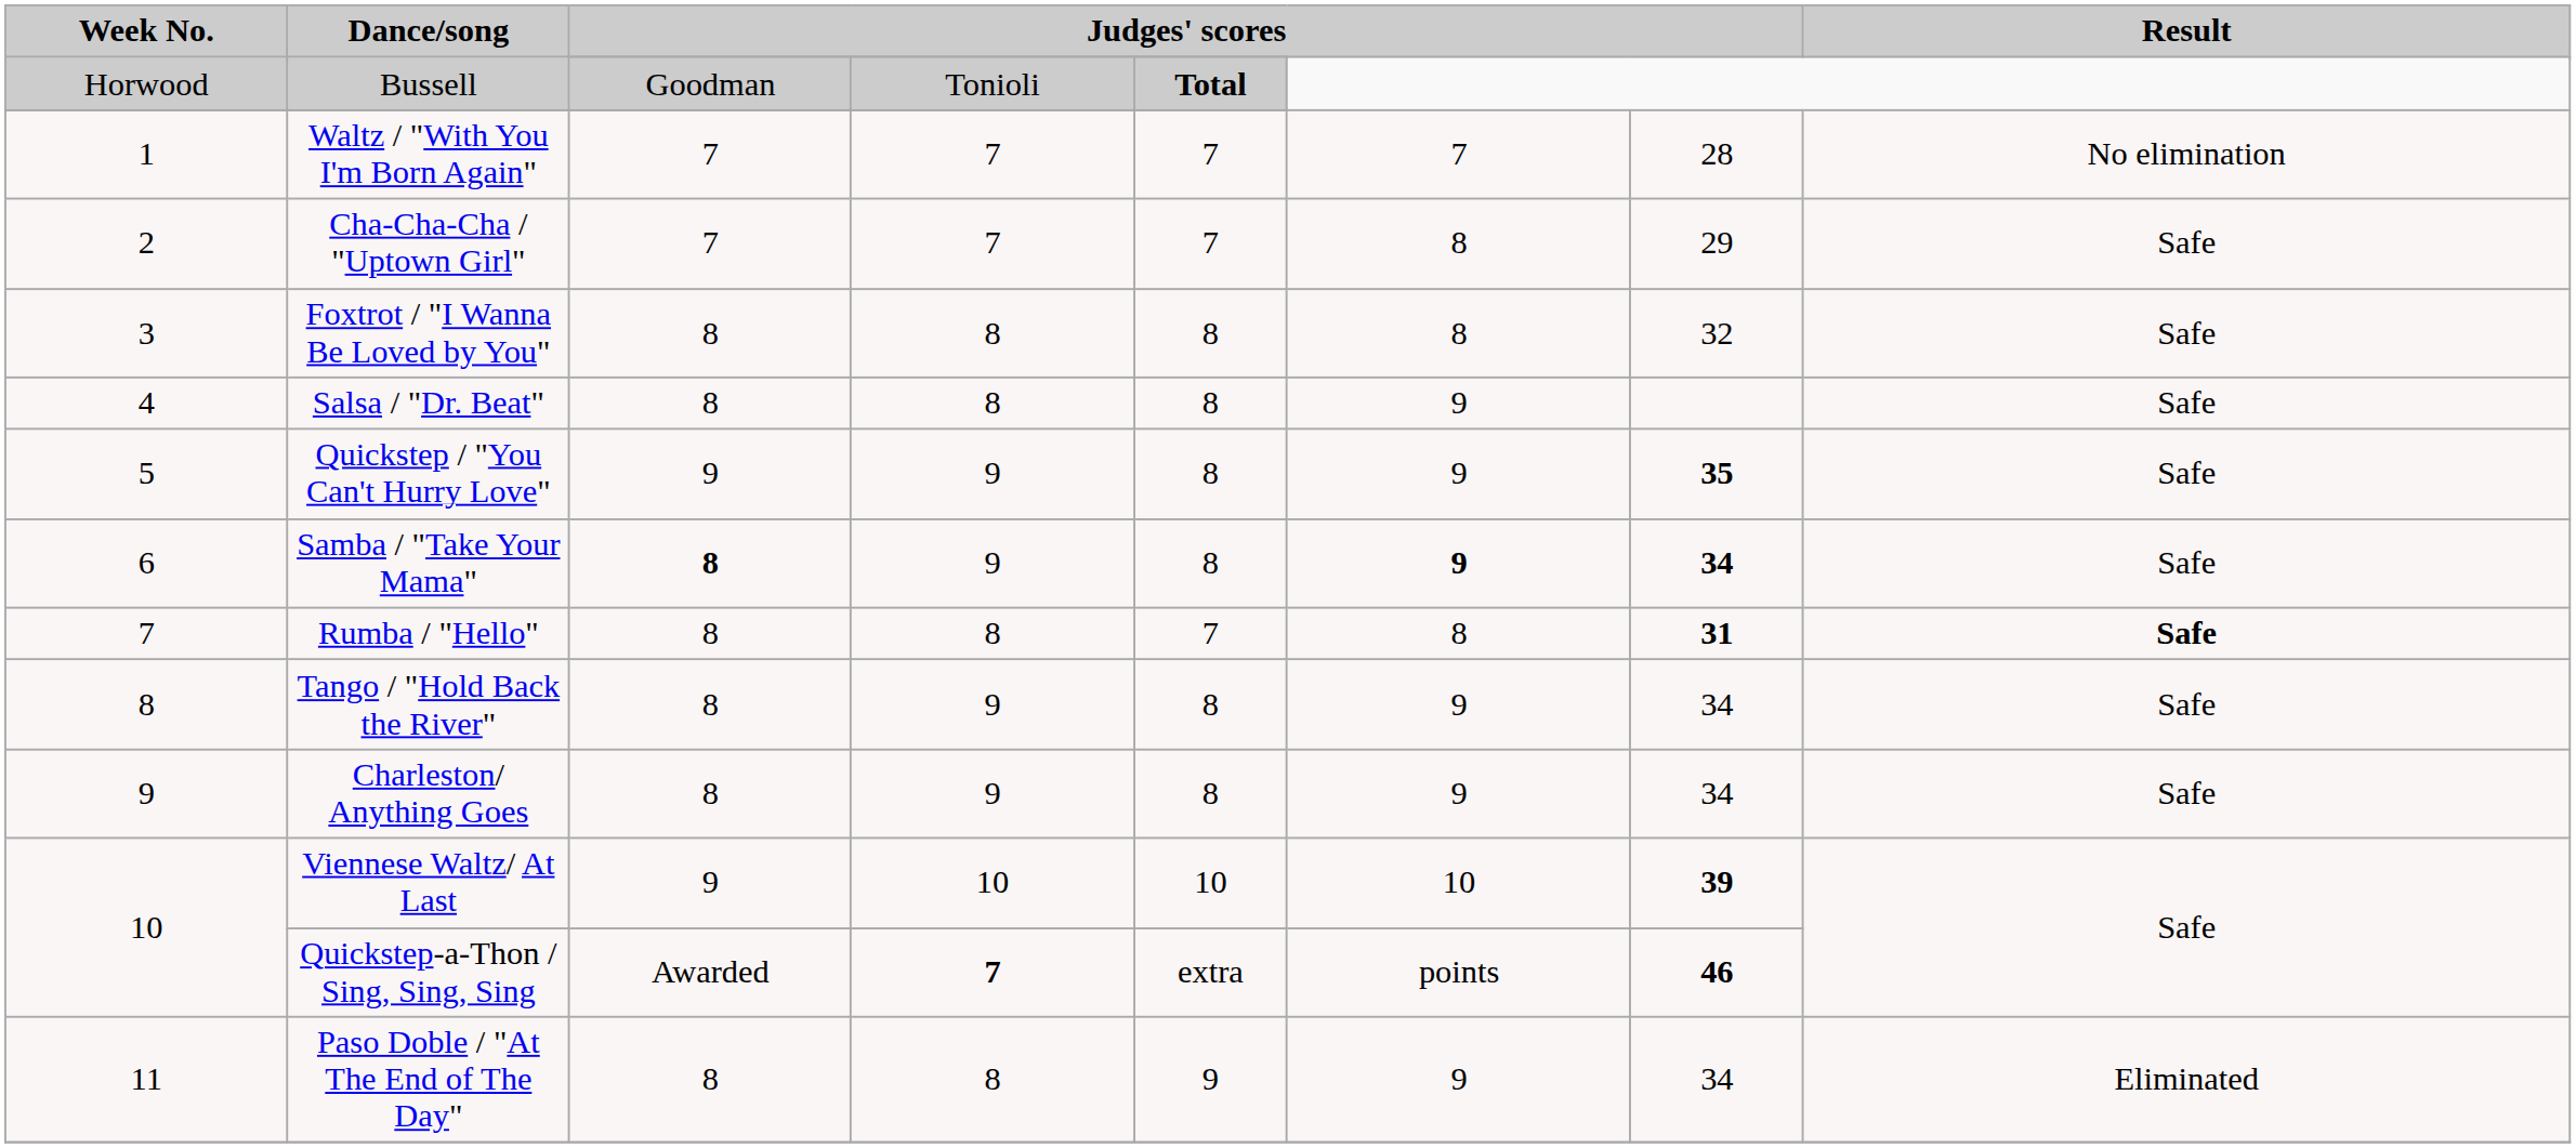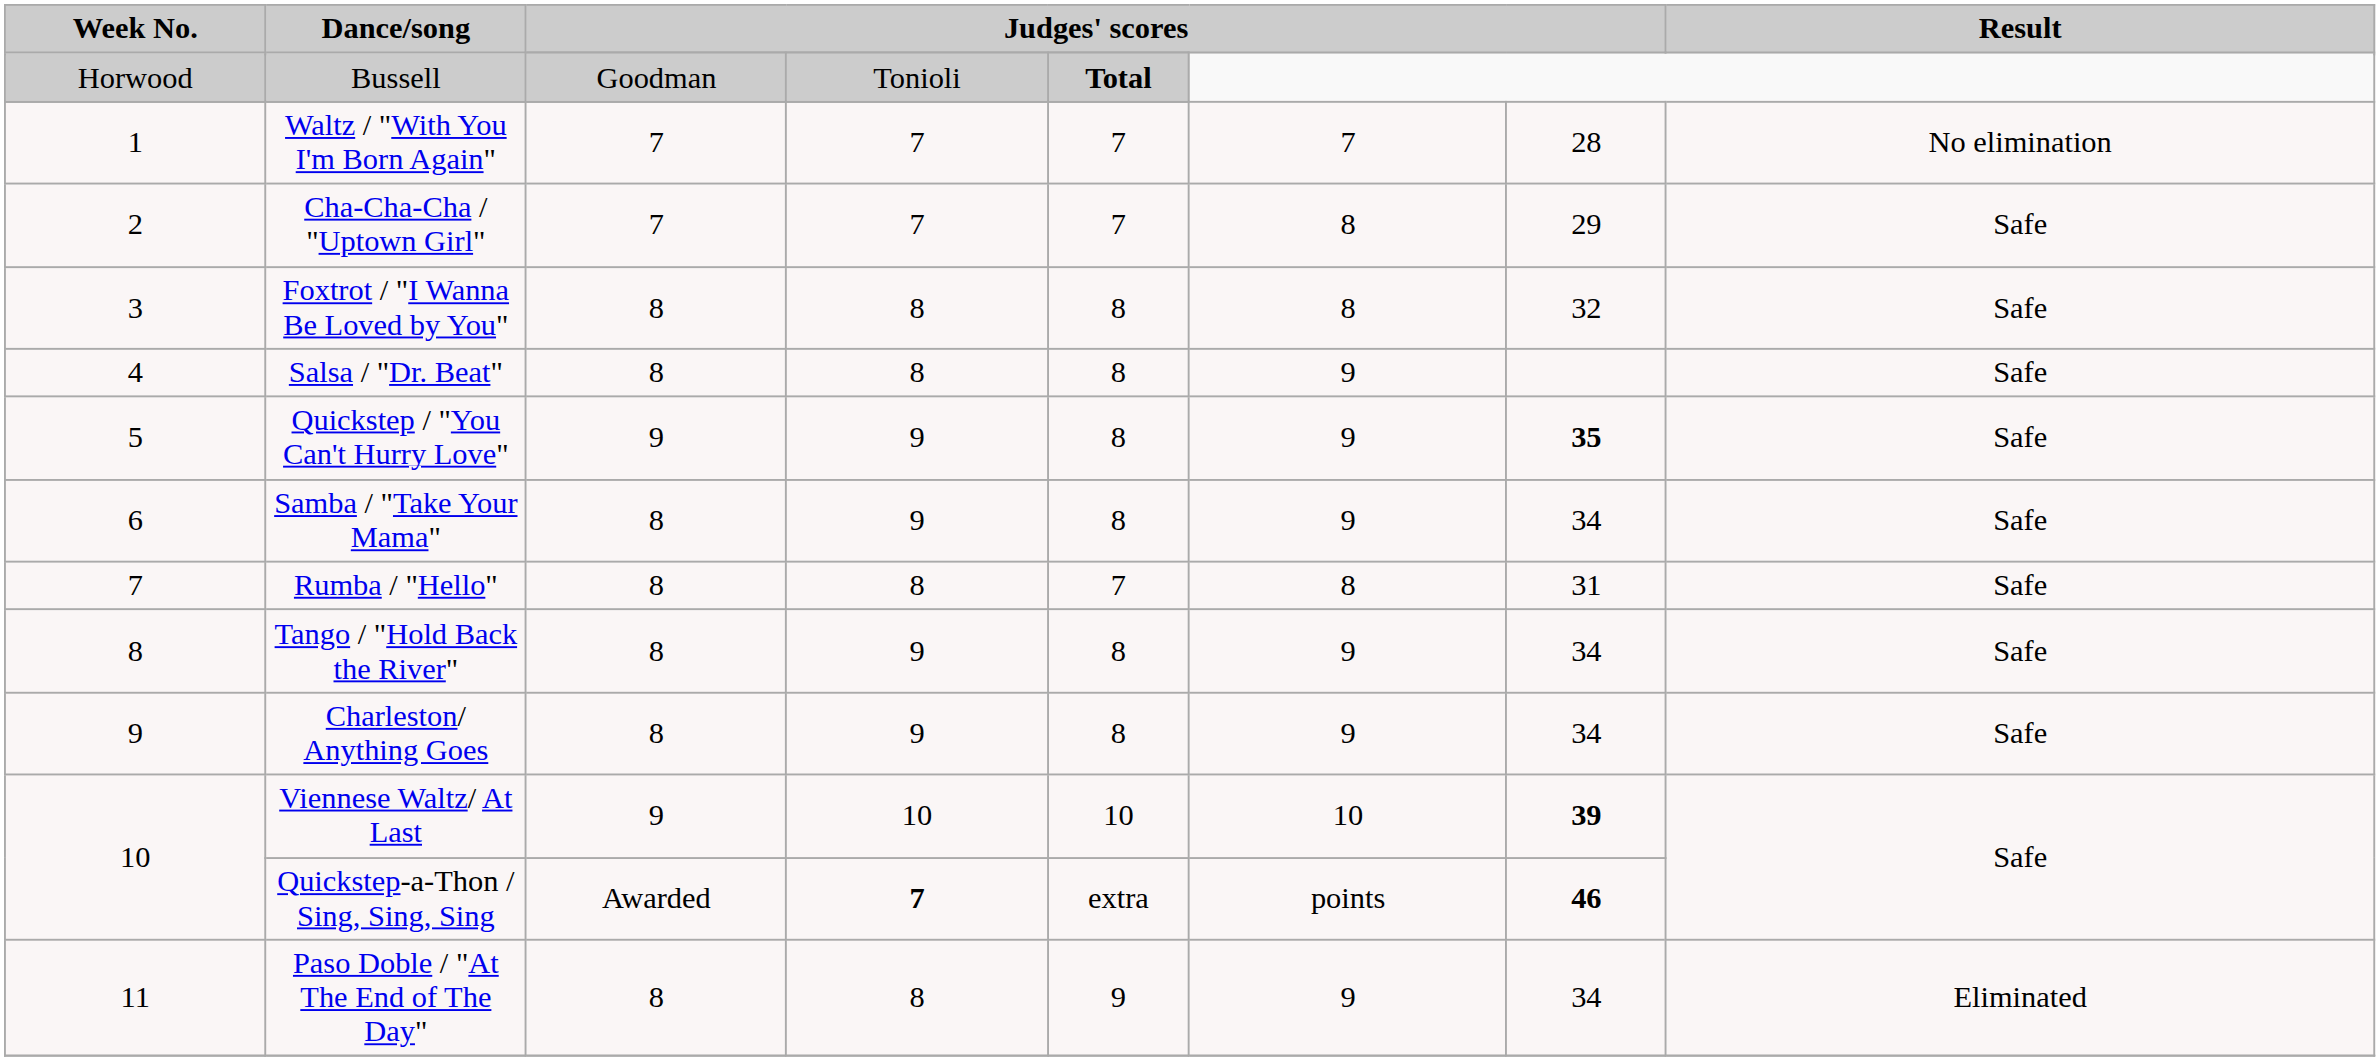 <table | class="wikitable collapsible collapsed">
 <tr>
 <td rowspan="2" bgcolor="CCCCCC" align="Center"><strong>Week No.</strong></td>
 <td rowspan="2" bgcolor="CCCCCC" align="Center"><strong>Dance/song</strong></td>
 <td colspan="5" bgcolor="CCCCCC" align="Center"><strong>Judges' scores</strong></td>
 <td rowspan="2" bgcolor="CCCCCC" align="Center"><strong>Result</strong></td>
 </tr>
 <tr>
 </tr>
 <tr>
 <td bgcolor="CCCCCC" width="11%" align="center">Horwood</td>
 <td bgcolor="CCCCCC" width="11%" align="center">Bussell</td>
 <td bgcolor="CCCCCC" width="11%" align="center">Goodman</td>
 <td bgcolor="CCCCCC" width="11%" align="center">Tonioli</td>
 <td bgcolor="CCCCCC" width="6%" align="center"><strong>Total</strong></td>
 </tr>
 <tr>
 </tr>
 <tr>
 <td align="center" bgcolor="FAF6F6">1</td>
 <td align="center" bgcolor="FAF6F6"><a href='#'>Waltz</a> / "<a href='#'>With You I'm Born Again</a>"</td>
 <td align="center" bgcolor="FAF6F6">7</td>
 <td align="center" bgcolor="FAF6F6">7</td>
 <td align="center" bgcolor="FAF6F6">7</td>
 <td align="center" bgcolor="FAF6F6">7</td>
 <td align="center" bgcolor="FAF6F6">28</td>
 <td align="center" bgcolor="FAF6F6">No elimination</td>
 </tr>
 <tr>
 <td align="center" bgcolor="FAF6F6">2</td>
 <td align="center" bgcolor="FAF6F6"><a href='#'>Cha-Cha-Cha</a> / "<a href='#'>Uptown Girl</a>"</td>
 <td align="center" bgcolor="FAF6F6">7</td>
 <td align="center" bgcolor="FAF6F6">7</td>
 <td align="center" bgcolor="FAF6F6">7</td>
 <td align="center" bgcolor="FAF6F6">8</td>
 <td align="center" bgcolor="FAF6F6">29</td>
 <td align="center" bgcolor="FAF6F6">Safe</td>
 </tr>
 <tr>
 <td align="center" bgcolor="FAF6F6">3</td>
 <td align="center" bgcolor="FAF6F6"><a href='#'>Foxtrot</a> / "<a href='#'>I Wanna Be Loved by You</a>"</td>
 <td align="center" bgcolor="FAF6F6">8</td>
 <td align="center" bgcolor="FAF6F6">8</td>
 <td align="center" bgcolor="FAF6F6">8</td>
 <td align="center" bgcolor="FAF6F6">8</td>
 <td align="center" bgcolor="FAF6F6">32</td>
 <td align="center" bgcolor="FAF6F6">Safe</td>
 </tr>
 <tr>
 <td align="center" bgcolor="FAF6F6">4</td>
 <td align="center" bgcolor="FAF6F6"><a href='#'>Salsa</a> / "<a href='#'>Dr. Beat</a>"</td>
 <td align="center" bgcolor="FAF6F6">8</td>
 <td align="center" bgcolor="FAF6F6">8</td>
 <td align="center" bgcolor="FAF6F6">8</td>
 <td align="center" bgcolor="FAF6F6">9</td>
 <td align="center" bgcolor="FAF6F6"></td>
 <td align="center" bgcolor="FAF6F6">Safe</td>
 </tr>
 <tr>
 <td align="center" bgcolor="FAF6F6">5</td>
 <td align="center" bgcolor="FAF6F6"><a href='#'>Quickstep</a> / "<a href='#'>You Can't Hurry Love</a>"</td>
 <td align="center" bgcolor="FAF6F6">9</td>
 <td align="center" bgcolor="FAF6F6">9</td>
 <td align="center" bgcolor="FAF6F6">8</td>
 <td align="center" bgcolor="FAF6F6">9</td>
 <td align="center" bgcolor="FAF6F6"><span><strong>35</strong></span></td>
 <td align="center" bgcolor="FAF6F6">Safe</td>
 </tr>
 <tr>
 <td align="center" bgcolor="FAF6F6">6</td>
 <td align="center" bgcolor="FAF6F6"><a href='#'>Samba</a> / "<a href='#'>Take Your Mama</a>"</td>
-<td align="center" bgcolor="FAF6F6"><strong>8</strong></td>
+<td align="center" bgcolor="FAF6F6">8</td>
 <td align="center" bgcolor="FAF6F6">9</td>
 <td align="center" bgcolor="FAF6F6">8</td>
-<td align="center" bgcolor="FAF6F6"><strong>9</strong></td>
-<td align="center" bgcolor="FAF6F6"><strong>34</strong></td>
+<td align="center" bgcolor="FAF6F6">9</td>
+<td align="center" bgcolor="FAF6F6">34</td>
 <td align="center" bgcolor="FAF6F6">Safe</td>
 </tr>
 <tr>
 <td align="center" bgcolor="FAF6F6">7</td>
 <td align="center" bgcolor="FAF6F6"><a href='#'>Rumba</a> / "<a href='#'>Hello</a>"</td>
 <td align="center" bgcolor="FAF6F6">8</td>
 <td align="center" bgcolor="FAF6F6">8</td>
 <td align="center" bgcolor="FAF6F6">7</td>
 <td align="center" bgcolor="FAF6F6">8</td>
-<td align="center" bgcolor="FAF6F6"><strong>31</strong></td>
-<td align="center" bgcolor="FAF6F6"><strong>Safe</strong></td>
+<td align="center" bgcolor="FAF6F6">31</td>
+<td align="center" bgcolor="FAF6F6">Safe</td>
 </tr>
 <tr>
 <td align="center" bgcolor="FAF6F6">8</td>
 <td align="center" bgcolor="FAF6F6"><a href='#'>Tango</a> / "<a href='#'>Hold Back the River</a>"</td>
 <td align="center" bgcolor="FAF6F6">8</td>
 <td align="center" bgcolor="FAF6F6">9</td>
 <td align="center" bgcolor="FAF6F6">8</td>
 <td align="center" bgcolor="FAF6F6">9</td>
 <td align="center" bgcolor="FAF6F6">34</td>
 <td align="center" bgcolor="FAF6F6">Safe</td>
 </tr>
 <tr>
 <td align="center" bgcolor="FAF6F6">9</td>
 <td align="center" bgcolor="FAF6F6"><a href='#'>Charleston</a>/ <a href='#'>Anything Goes</a></td>
 <td align="center" bgcolor="FAF6F6">8</td>
 <td align="center" bgcolor="FAF6F6">9</td>
 <td align="center" bgcolor="FAF6F6">8</td>
 <td align="center" bgcolor="FAF6F6">9</td>
 <td align="center" bgcolor="FAF6F6">34</td>
 <td align="center" bgcolor="FAF6F6">Safe</td>
 </tr>
 <tr>
 <td align="center" bgcolor="FAF6F6" rowspan="2">10</td>
 <td align="center" bgcolor="FAF6F6"><a href='#'>Viennese Waltz</a>/ <a href='#'>At Last</a></td>
 <td align="center" bgcolor="FAF6F6">9</td>
 <td align="center" bgcolor="FAF6F6">10</td>
 <td align="center" bgcolor="FAF6F6">10</td>
 <td align="center" bgcolor="FAF6F6">10</td>
 <td align="center" bgcolor="FAF6F6"><span><strong>39</strong></span></td>
 <td align="center" bgcolor="FAF6F6" rowspan="2">Safe</td>
 </tr>
 <tr>
 <td align="center" bgcolor="FAF6F6"><a href='#'>Quickstep</a>-a-Thon / <a href='#'>Sing, Sing, Sing</a></td>
 <td align="center" bgcolor="FAF6F6">Awarded</td>
 <td align="center" bgcolor="FAF6F6"><strong><span>7</span></strong></td>
 <td align="center" bgcolor="FAF6F6">extra</td>
 <td align="center" bgcolor="FAF6F6">points</td>
 <td align="center" bgcolor="FAF6F6"><strong><span>46</span></strong></td>
 </tr>
 <tr>
 <td align="center" bgcolor="FAF6F6">11</td>
 <td align="center" bgcolor="FAF6F6"><a href='#'>Paso Doble</a> / "<a href='#'>At The End of The Day</a>"</td>
 <td align="center" bgcolor="FAF6F6">8</td>
 <td align="center" bgcolor="FAF6F6">8</td>
 <td align="center" bgcolor="FAF6F6">9</td>
 <td align="center" bgcolor="FAF6F6">9</td>
 <td align="center" bgcolor="FAF6F6">34</td>
 <td align="center" bgcolor="FAF6F6">Eliminated</td>
 </tr>
 <tr>
 </tr>
 </table>
